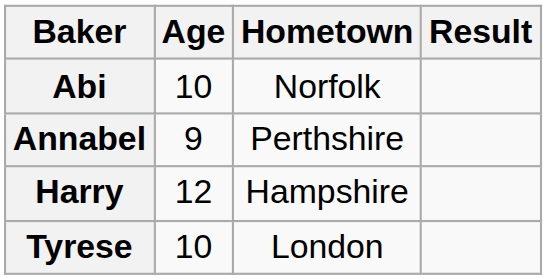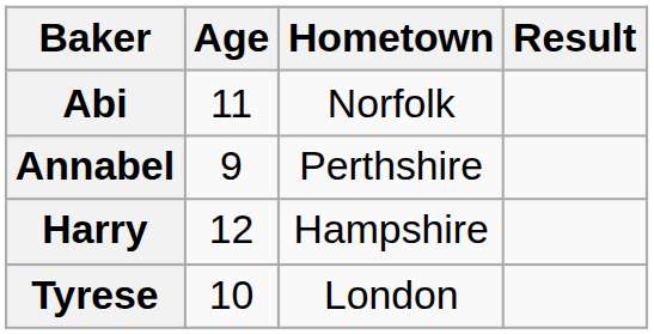 <table class="wikitable sortable" style="display:inline-table; text-align:center">
 <tr>
 <th scope="col">Baker</th>
 <th scope="col">Age</th>
 <th scope="col">Hometown</th>
 <th scope="col">Result</th>
 </tr>
 <tr>
 <th scope="row">Abi</th>
-<td>10</td>
+<td>11</td>
 <td>Norfolk</td>
 <td></td>
 </tr>
 <tr>
 <th scope="row">Annabel</th>
 <td>9</td>
 <td>Perthshire</td>
 <td></td>
 </tr>
 <tr>
 <th scope="row">Harry</th>
 <td>12</td>
 <td>Hampshire</td>
 <td></td>
 </tr>
 <tr>
 <th scope="row">Tyrese</th>
 <td>10</td>
 <td>London</td>
 <td></td>
 </tr>
 </table>
